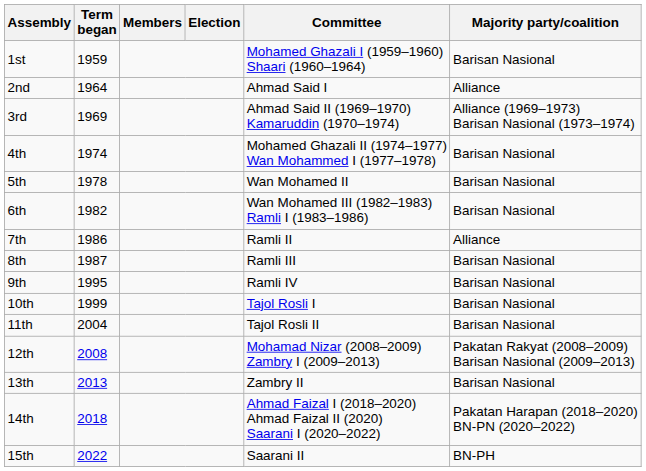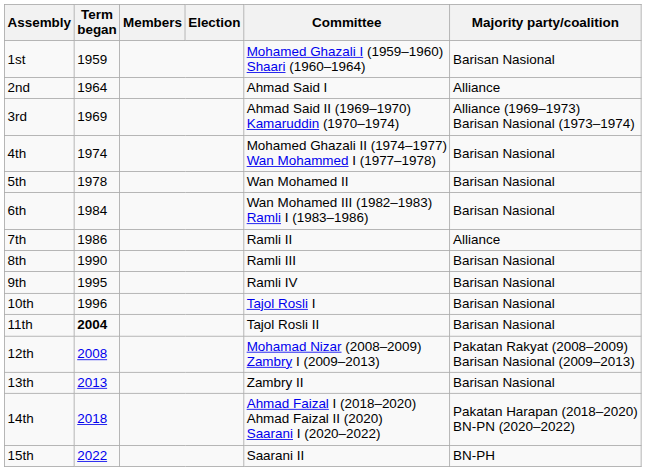 <table class="wikitable">
 <tr>
 <th>Assembly</th>
 <th>Term<br>began</th>
 <th>Members</th>
 <th>Election</th>
 <th>Committee</th>
 <th>Majority party/coalition</th>
 </tr>
 <tr>
 <td>1st</td>
 <td>1959</td>
 <td colspan="2"></td>
 <td><a href='#'>Mohamed Ghazali I</a> (1959–1960)<br><a href='#'>Shaari</a> (1960–1964)</td>
 <td>Barisan Nasional</td>
 </tr>
 <tr>
 <td>2nd</td>
 <td>1964</td>
 <td colspan="2"></td>
 <td>Ahmad Said I</td>
 <td>Alliance</td>
 </tr>
 <tr>
 <td>3rd</td>
 <td>1969</td>
 <td colspan="2"></td>
 <td>Ahmad Said II (1969–1970)<br><a href='#'>Kamaruddin</a> (1970–1974)</td>
 <td>Alliance (1969–1973)<br>Barisan Nasional (1973–1974)</td>
 </tr>
 <tr>
 <td>4th</td>
 <td>1974</td>
 <td colspan="2"></td>
 <td>Mohamed Ghazali II (1974–1977)<br><a href='#'>Wan Mohammed</a> I (1977–1978)</td>
 <td>Barisan Nasional</td>
 </tr>
 <tr>
 <td>5th</td>
 <td>1978</td>
 <td colspan="2"></td>
 <td>Wan Mohamed II</td>
 <td>Barisan Nasional</td>
 </tr>
 <tr>
 <td>6th</td>
-<td>1982</td>
+<td>1984</td>
 <td colspan="2"></td>
 <td>Wan Mohamed III (1982–1983)<br><a href='#'>Ramli</a>  I (1983–1986)</td>
 <td>Barisan Nasional</td>
 </tr>
 <tr>
 <td>7th</td>
 <td>1986</td>
 <td colspan="2"></td>
 <td>Ramli II</td>
 <td>Alliance</td>
 </tr>
 <tr>
 <td>8th</td>
-<td>1987</td>
+<td>1990</td>
 <td colspan="2"></td>
 <td>Ramli III</td>
 <td>Barisan Nasional</td>
 </tr>
 <tr>
 <td>9th</td>
 <td>1995</td>
 <td colspan="2"></td>
 <td>Ramli IV</td>
 <td>Barisan Nasional</td>
 </tr>
 <tr>
 <td>10th</td>
-<td>1999</td>
+<td>1996</td>
 <td colspan="2"></td>
 <td><a href='#'>Tajol Rosli</a>  I</td>
 <td>Barisan Nasional</td>
 </tr>
 <tr>
 <td>11th</td>
-<td>2004</td>
+<td><strong>2004</strong></td>
 <td colspan="2"></td>
 <td>Tajol Rosli II</td>
 <td>Barisan Nasional</td>
 </tr>
 <tr>
 <td>12th</td>
 <td><a href='#'>2008</a></td>
 <td colspan="2"></td>
 <td><a href='#'>Mohamad Nizar</a> (2008–2009)<br><a href='#'>Zambry</a> I (2009–2013)</td>
 <td>Pakatan Rakyat (2008–2009)<br>Barisan Nasional (2009–2013)</td>
 </tr>
 <tr>
 <td>13th</td>
 <td><a href='#'>2013</a></td>
 <td colspan="2"></td>
 <td>Zambry II</td>
 <td>Barisan Nasional</td>
 </tr>
 <tr>
 <td>14th</td>
 <td><a href='#'>2018</a></td>
 <td colspan="2"></td>
 <td><a href='#'>Ahmad Faizal</a> I (2018–2020)<br>Ahmad Faizal II (2020)<br> <a href='#'>Saarani</a> I (2020–2022)</td>
 <td>Pakatan Harapan (2018–2020)<br>BN-PN (2020–2022)</td>
 </tr>
 <tr>
 <td>15th</td>
 <td><a href='#'>2022</a></td>
 <td colspan="2"></td>
 <td>Saarani II</td>
 <td>BN-PH</td>
 </tr>
 </table>
